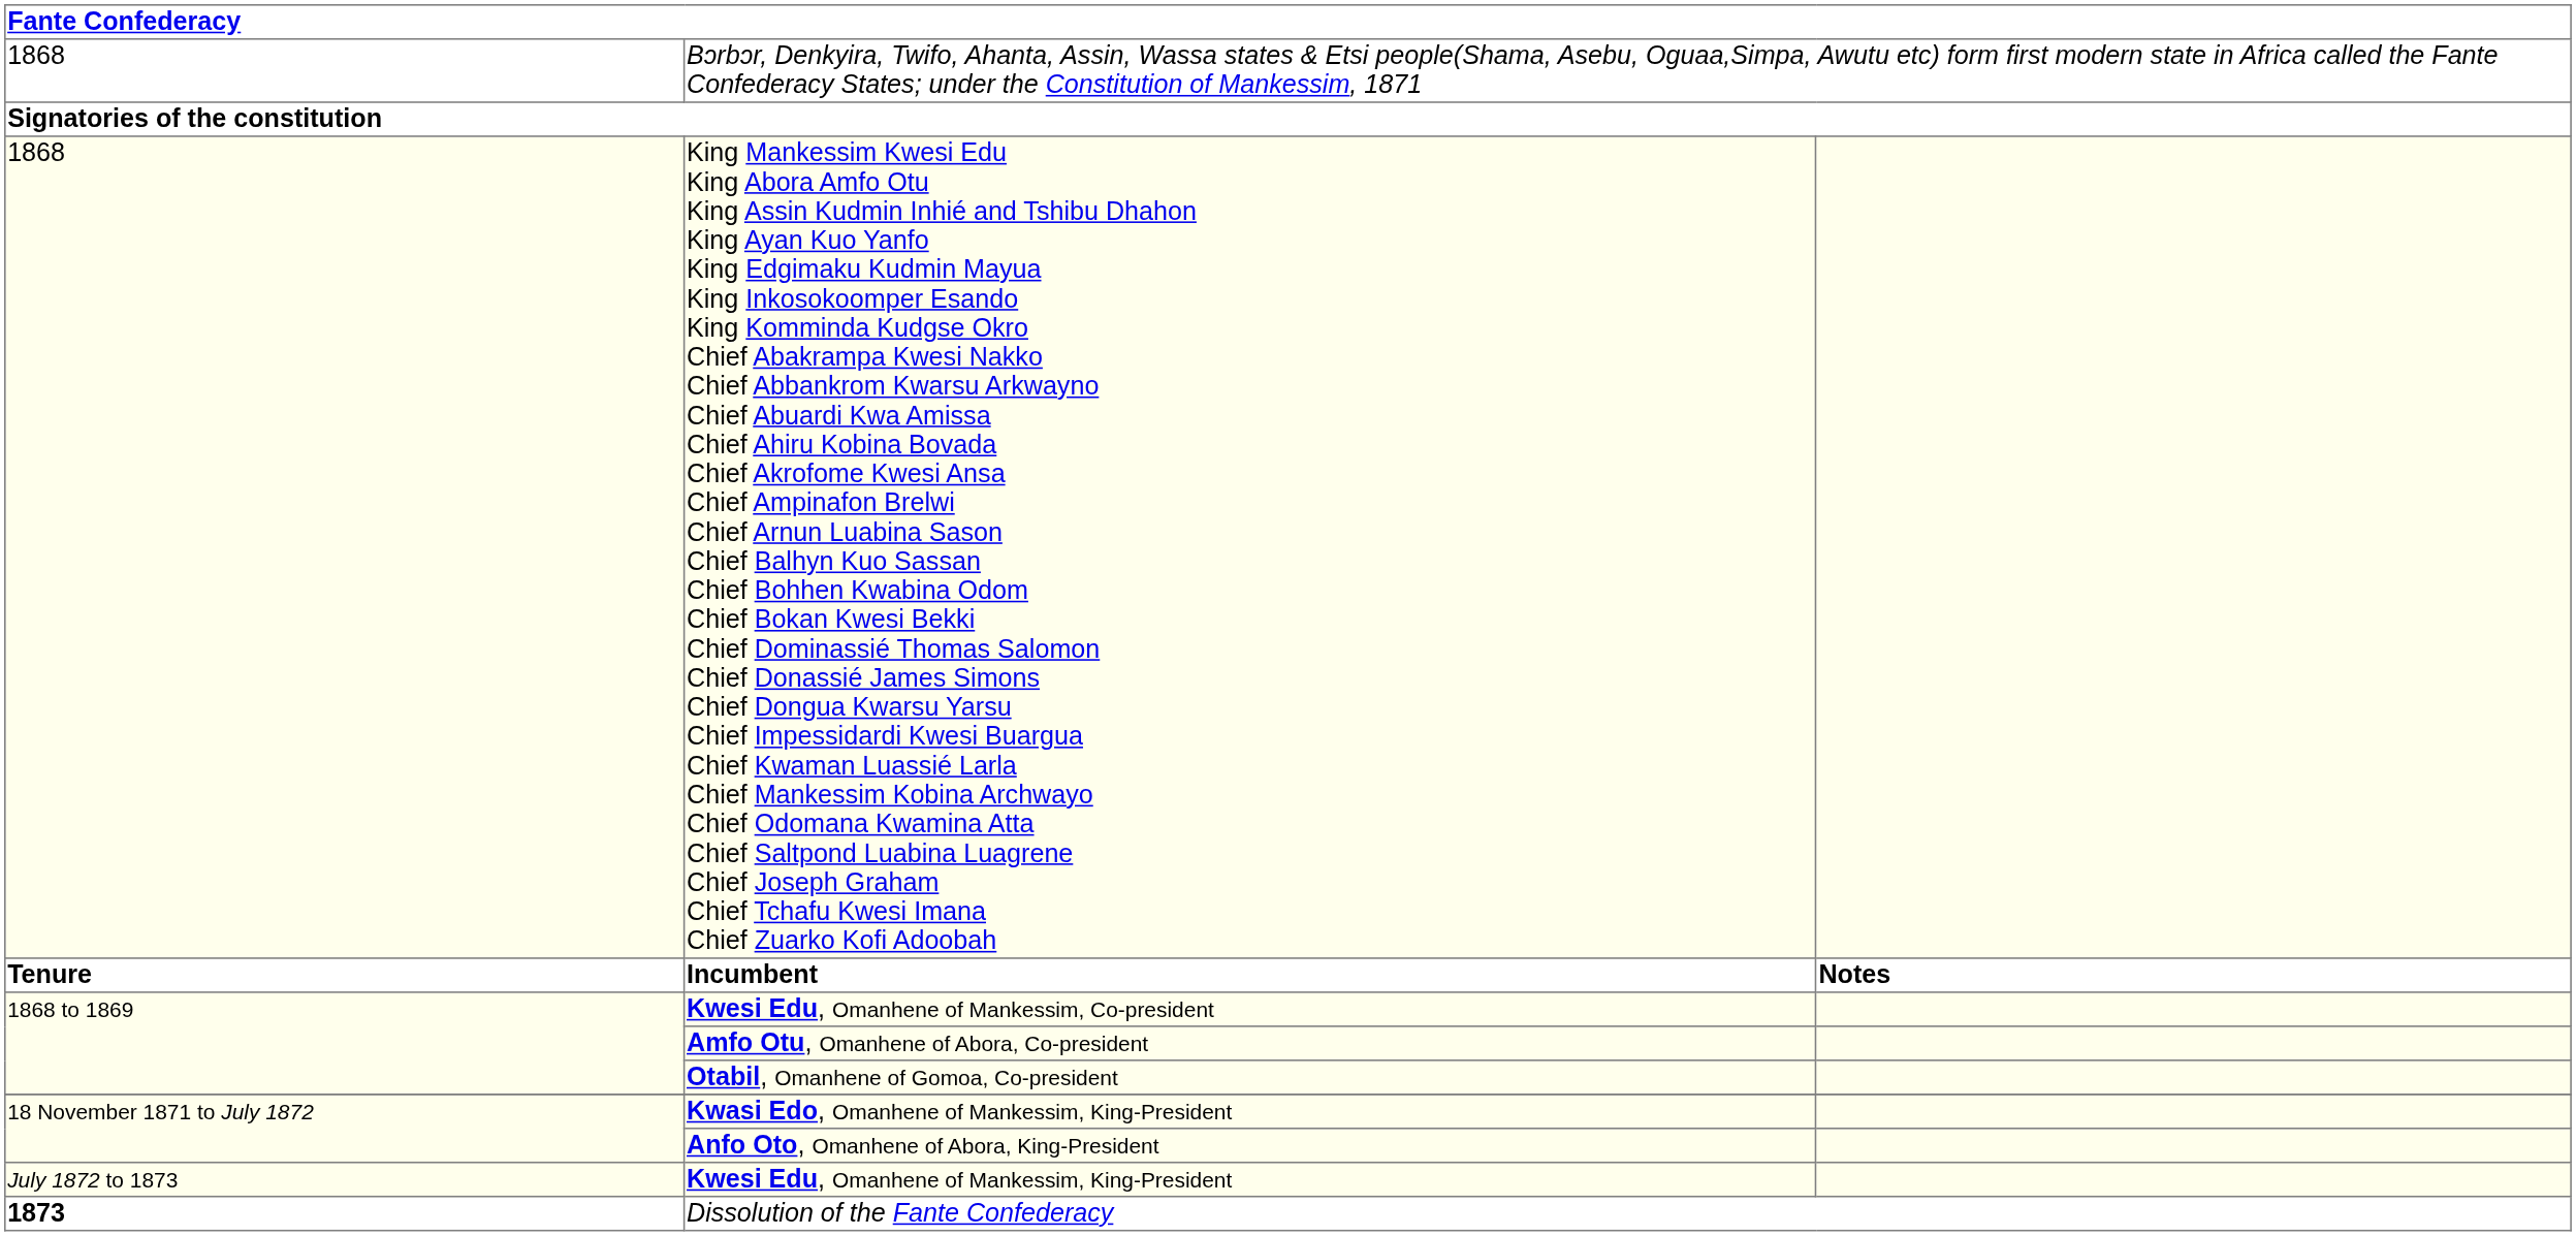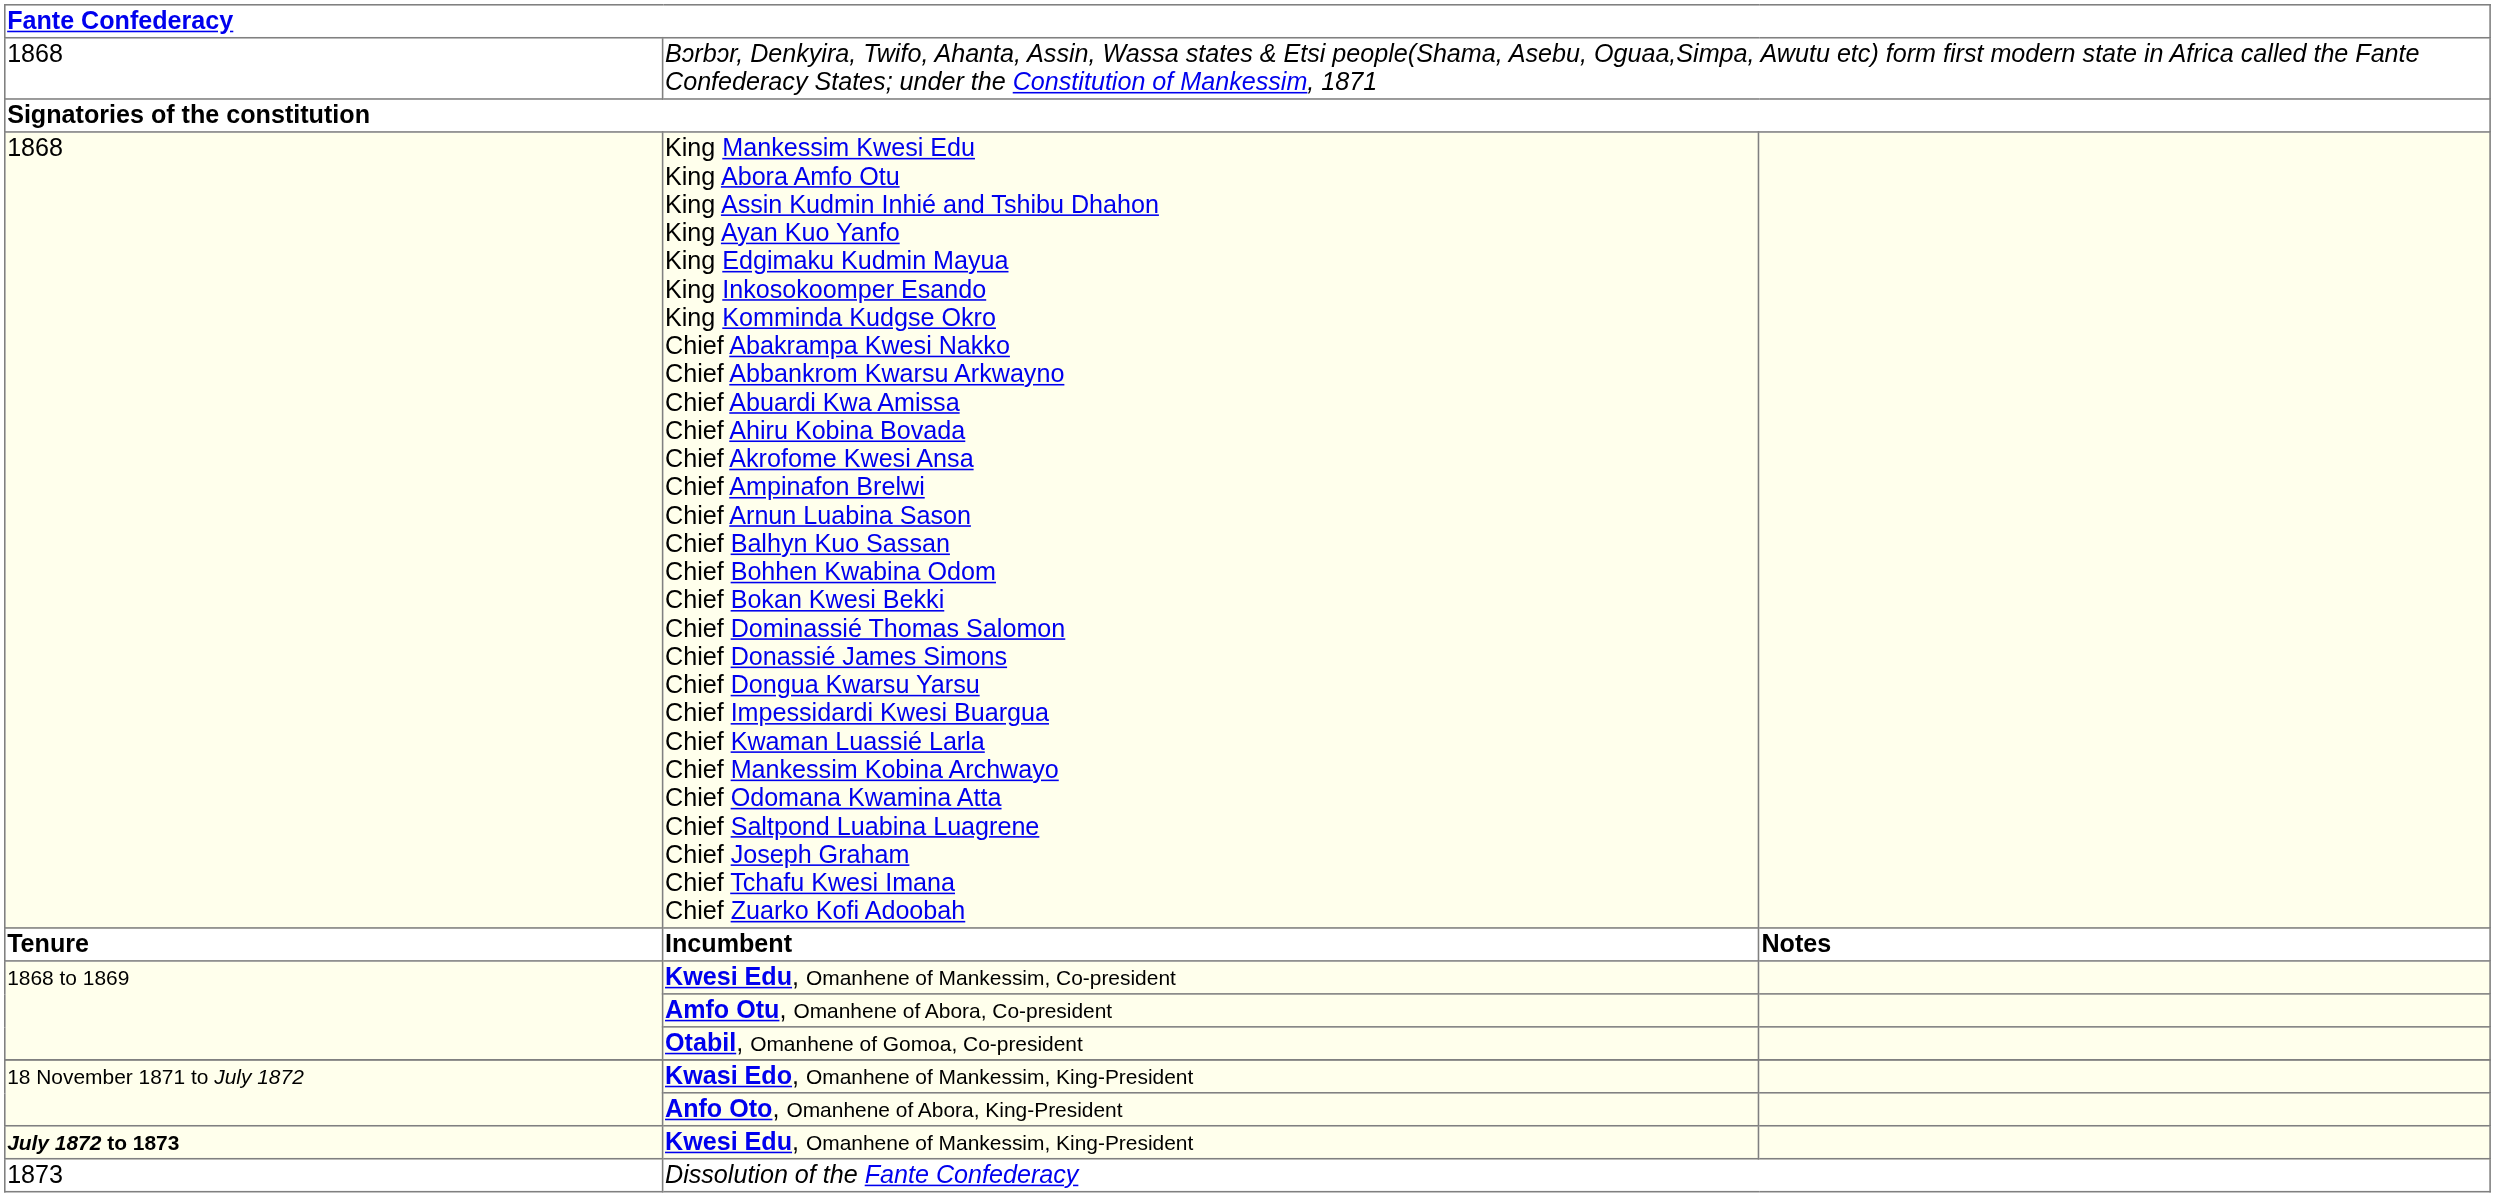 <table border=1 style="border-collapse: collapse">
 <tr valign=top>
 <td colspan="3"><strong><a href='#'>Fante Confederacy</a></strong></td>
 </tr>
 <tr valign=top>
 <td>1868</td>
 <td colspan="3"><em>Bɔrbɔr, Denkyira, Twifo, Ahanta, Assin, Wassa states & Etsi people(Shama, Asebu, Oguaa,Simpa, Awutu etc) form first modern state in Africa called the Fante Confederacy States; under the <a href='#'>Constitution of Mankessim</a>, 1871</em></td>
 </tr>
 <tr valign=top>
 <td colspan="3"><strong>Signatories of the constitution</strong></td>
 </tr>
 <tr valign=top bgcolor="#ffffec">
 <td>1868</td>
 <td>King <a href='#'>Mankessim Kwesi Edu</a><br>King <a href='#'>Abora Amfo Otu</a><br>King <a href='#'>Assin Kudmin Inhié and Tshibu Dhahon</a><br>King <a href='#'>Ayan Kuo Yanfo</a><br>King <a href='#'>Edgimaku Kudmin Mayua</a><br>King <a href='#'>Inkosokoomper Esando</a><br>King <a href='#'>Komminda Kudgse Okro</a><br>Chief <a href='#'>Abakrampa Kwesi Nakko</a><br>Chief <a href='#'>Abbankrom Kwarsu Arkwayno</a><br>Chief <a href='#'>Abuardi Kwa Amissa</a><br>Chief <a href='#'>Ahiru Kobina Bovada</a><br>Chief <a href='#'>Akrofome Kwesi Ansa</a><br>Chief <a href='#'>Ampinafon Brelwi</a><br>Chief <a href='#'>Arnun Luabina Sason</a><br>Chief <a href='#'>Balhyn Kuo Sassan</a><br>Chief <a href='#'>Bohhen Kwabina Odom</a><br>Chief <a href='#'>Bokan Kwesi Bekki</a><br>Chief <a href='#'>Dominassié Thomas Salomon</a><br>Chief <a href='#'>Donassié James Simons</a><br>Chief <a href='#'>Dongua Kwarsu Yarsu</a><br>Chief <a href='#'>Impessidardi Kwesi Buargua</a><br>Chief <a href='#'>Kwaman Luassié Larla</a><br>Chief <a href='#'>Mankessim Kobina Archwayo</a><br>Chief <a href='#'>Odomana Kwamina Atta</a><br>Chief <a href='#'>Saltpond Luabina Luagrene</a><br>Chief <a href='#'>Joseph Graham</a><br>Chief <a href='#'>Tchafu Kwesi Imana</a><br>Chief <a href='#'>Zuarko Kofi Adoobah</a></td>
 <td></td>
 </tr>
 <tr align=left>
 <th width="18%">Tenure</th>
 <th width="30%">Incumbent</th>
 <th width="20%">Notes</th>
 </tr>
 <tr valign=top bgcolor="#ffffec">
 <td rowspan="3"><small>1868 to 1869</small></td>
 <td><strong><a href='#'>Kwesi Edu</a></strong>, <small>Omanhene of Mankessim, Co-president</small></td>
 <td></td>
 </tr>
 <tr valign=top bgcolor="#ffffec">
 <td><strong><a href='#'>Amfo Otu</a></strong>, <small>Omanhene of Abora, Co-president</small></td>
 <td></td>
 </tr>
 <tr valign=top bgcolor="#ffffec">
 <td><strong><a href='#'>Otabil</a></strong>, <small>Omanhene of Gomoa, Co-president</small></td>
 <td></td>
 </tr>
 <tr valign=top bgcolor="#ffffec"|>
 </tr>
 <tr valign=top bgcolor="#ffffec">
 <td valign=top rowspan="2"><small>18 November 1871 to <em>July 1872</em></small></td>
 <td><strong><a href='#'>Kwasi Edo</a></strong>, <small>Omanhene of Mankessim, King-President</small></td>
 <td></td>
 </tr>
 <tr valign=top bgcolor="#ffffec">
 <td><strong><a href='#'>Anfo Oto</a></strong>, <small>Omanhene of Abora, King-President</small></td>
 <td></td>
 </tr>
 <tr valign=top bgcolor="#ffffec">
-<td><small><em>July 1872</em> to 1873</small></td>
+<td><strong><small><em>July 1872</em> to 1873</small></strong></td>
 <td><strong><a href='#'>Kwesi Edu</a></strong>, <small>Omanhene of Mankessim, King-President</small></td>
 <td></td>
 </tr>
 <tr valign=top>
-<td><strong>1873</strong></td>
+<td>1873</td>
 <td colspan="3"><em>Dissolution of the <a href='#'>Fante Confederacy</a></em></td>
 </tr>
 </table>
